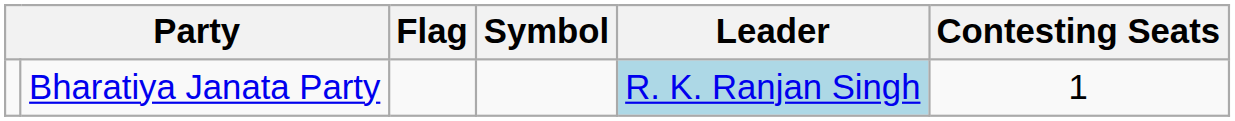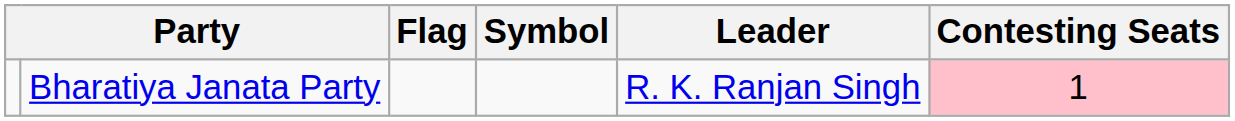 <table class="wikitable" style="text-align:center">
 <tr>
 <th colspan="2">Party</th>
 <th>Flag</th>
 <th>Symbol</th>
 <th>Leader</th>
 <th>Contesting Seats</th>
 </tr>
 <tr>
 <td></td>
 <td><a href='#'>Bharatiya Janata Party</a></td>
 <td></td>
 <td></td>
-<td style="background: lightblue;"><a href='#'>R. K. Ranjan Singh</a></td>
-<td>1</td>
+<td><a href='#'>R. K. Ranjan Singh</a></td>
+<td style="background: pink;">1</td>
 </tr>
 </table>
